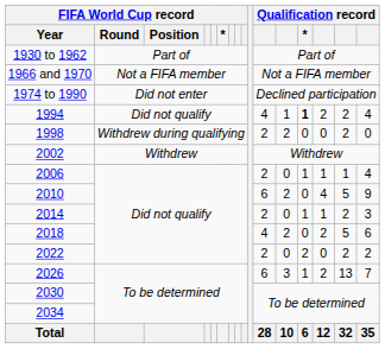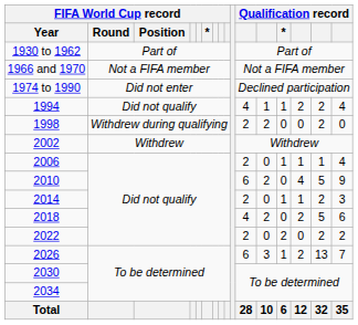 <table class="wikitable" style="text-align: center;">
 <tr>
 <th colspan=9><a href='#'>FIFA World Cup</a> record</th>
 <th rowspan=39></th>
 <th colspan=6><a href='#'>Qualification</a> record</th>
 </tr>
 <tr>
 <th>Year</th>
 <th>Round</th>
 <th>Position</th>
 <th></th>
 <th></th>
 <th>*</th>
 <th></th>
 <th></th>
 <th></th>
 <th></th>
 <th></th>
 <th>*</th>
 <th></th>
 <th></th>
 <th></th>
 </tr>
 <tr>
 <td><a href='#'>1930</a> to <a href='#'>1962</a></td>
 <td colspan=8><em>Part of </em></td>
 <td colspan=6><em>Part of </em></td>
 </tr>
 <tr>
 <td><a href='#'>1966</a> and <a href='#'>1970</a></td>
 <td colspan=8><em>Not a FIFA member</em></td>
 <td colspan=6><em>Not a FIFA member</em></td>
 </tr>
 <tr>
 <td><a href='#'>1974</a> to <a href='#'>1990</a></td>
 <td colspan=8><em>Did not enter</em></td>
 <td colspan=6><em>Declined participation</em></td>
 </tr>
 <tr>
 <td> <a href='#'>1994</a></td>
 <td colspan=8><em>Did not qualify</em></td>
 <td>4</td>
 <td>1</td>
-<td><strong>1</strong></td>
+<td>1</td>
 <td>2</td>
 <td>2</td>
 <td>4</td>
 </tr>
 <tr>
 <td> <a href='#'>1998</a></td>
 <td colspan=8><em>Withdrew during qualifying</em></td>
 <td>2</td>
 <td>2</td>
 <td>0</td>
 <td>0</td>
 <td>2</td>
 <td>0</td>
 </tr>
 <tr>
 <td>  <a href='#'>2002</a></td>
 <td colspan=8><em>Withdrew</em></td>
 <td colspan=6><em>Withdrew</em></td>
 </tr>
 <tr>
 <td> <a href='#'>2006</a></td>
 <td colspan=8 rowspan=5><em>Did not qualify</em></td>
 <td>2</td>
 <td>0</td>
 <td>1</td>
 <td>1</td>
 <td>1</td>
 <td>4</td>
 </tr>
 <tr>
 <td> <a href='#'>2010</a></td>
 <td>6</td>
 <td>2</td>
 <td>0</td>
 <td>4</td>
 <td>5</td>
 <td>9</td>
 </tr>
 <tr>
 <td> <a href='#'>2014</a></td>
 <td>2</td>
 <td>0</td>
 <td>1</td>
 <td>1</td>
 <td>2</td>
 <td>3</td>
 </tr>
 <tr>
 <td> <a href='#'>2018</a></td>
 <td>4</td>
 <td>2</td>
 <td>0</td>
 <td>2</td>
 <td>5</td>
 <td>6</td>
 </tr>
 <tr>
 <td> <a href='#'>2022</a></td>
 <td>2</td>
 <td>0</td>
 <td>2</td>
 <td>0</td>
 <td>2</td>
 <td>2</td>
 </tr>
 <tr>
 <td>   <a href='#'>2026</a></td>
 <td colspan=8 rowspan=3><em>To be determined</em></td>
 <td>6</td>
 <td>3</td>
 <td>1</td>
 <td>2</td>
 <td>13</td>
 <td>7</td>
 </tr>
 <tr>
 <td>   <a href='#'>2030</a></td>
 <td colspan=6 rowspan=2><em>To be determined</em></td>
 </tr>
 <tr>
 <td> <a href='#'>2034</a></td>
 </tr>
 <tr>
 <th>Total</th>
 <th></th>
 <th></th>
 <th></th>
 <th></th>
 <th></th>
 <th></th>
 <th></th>
 <th></th>
 <th>28</th>
 <th>10</th>
 <th>6</th>
 <th>12</th>
 <th>32</th>
 <th>35</th>
 </tr>
 </table>
